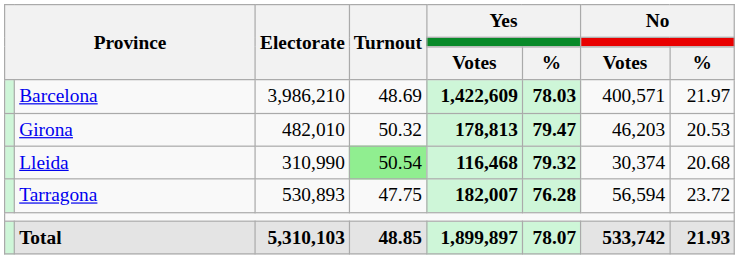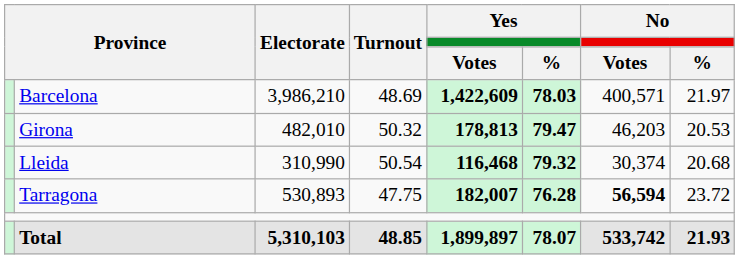 <table class="wikitable sortable" style="text-align:right; line-height:20px;">
 <tr>
 <th width="200" colspan="2" rowspan="3">Province</th>
 <th rowspan="3">Electorate</th>
 <th rowspan="3">Turnout</th>
 <th width="120" colspan="2">Yes</th>
 <th width="120" colspan="2">No</th>
 </tr>
 <tr>
 <th colspan="2" style="background:#088A29;"></th>
 <th colspan="2" style="background:#E90000;"></th>
 </tr>
 <tr>
 <th>Votes</th>
 <th>%</th>
 <th>Votes</th>
 <th>%</th>
 </tr>
 <tr>
 <td width="1" style="background:#CEF6D8;"></td>
 <td align="left"><a href='#'>Barcelona</a></td>
 <td>3,986,210</td>
 <td>48.69</td>
 <td style="background:#CEF6D8;"><strong>1,422,609</strong></td>
 <td style="background:#CEF6D8;"><strong>78.03</strong></td>
 <td>400,571</td>
 <td>21.97</td>
 </tr>
 <tr>
 <td style="background:#CEF6D8;"></td>
 <td align="left"><a href='#'>Girona</a></td>
 <td>482,010</td>
 <td>50.32</td>
 <td style="background:#CEF6D8;"><strong>178,813</strong></td>
 <td style="background:#CEF6D8;"><strong>79.47</strong></td>
 <td>46,203</td>
 <td>20.53</td>
 </tr>
 <tr>
 <td style="background:#CEF6D8;"></td>
 <td align="left"><a href='#'>Lleida</a></td>
 <td>310,990</td>
-<td style="background: lightgreen;">50.54</td>
+<td>50.54</td>
 <td style="background:#CEF6D8;"><strong>116,468</strong></td>
 <td style="background:#CEF6D8;"><strong>79.32</strong></td>
 <td>30,374</td>
 <td>20.68</td>
 </tr>
 <tr>
 <td style="background:#CEF6D8;"></td>
 <td align="left"><a href='#'>Tarragona</a></td>
 <td>530,893</td>
 <td>47.75</td>
 <td style="background:#CEF6D8;"><strong>182,007</strong></td>
 <td style="background:#CEF6D8;"><strong>76.28</strong></td>
-<td>56,594</td>
+<td><strong>56,594</strong></td>
 <td>23.72</td>
 </tr>
 <tr>
 <td colspan="8"></td>
 </tr>
 <tr style="font-weight:bold;background:#E4E4E4;">
 <td style="background:#CEF6D8;"></td>
 <td align="left">Total</td>
 <td>5,310,103</td>
 <td>48.85</td>
 <td style="background:#CEF6D8;">1,899,897</td>
 <td style="background:#CEF6D8;">78.07</td>
 <td>533,742</td>
 <td>21.93</td>
 </tr>
 </table>
